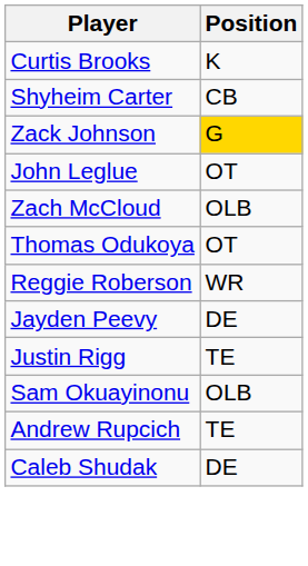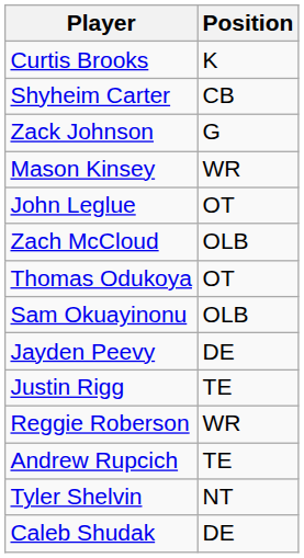 <table class="wikitable sortable">
 <tr>
 <th>Player</th>
 <th>Position</th>
 </tr>
 <tr>
 <td><a href='#'>Curtis Brooks</a></td>
 <td>K</td>
 </tr>
 <tr>
 <td><a href='#'>Shyheim Carter</a></td>
 <td>CB</td>
 </tr>
 <tr>
 <td><a href='#'>Zack Johnson</a></td>
-<td style="background: gold;">G</td>
+<td>G</td>
+</tr>
+<tr>
+<td><a href='#'>Mason Kinsey</a></td>
+<td>WR</td>
 </tr>
 <tr>
 <td><a href='#'>John Leglue</a></td>
 <td>OT</td>
 </tr>
 <tr>
 <td><a href='#'>Zach McCloud</a></td>
 <td>OLB</td>
 </tr>
 <tr>
 <td><a href='#'>Thomas Odukoya</a></td>
 <td>OT</td>
 </tr>
 <tr>
-<td><a href='#'>Reggie Roberson</a></td>
-<td>WR</td>
+<td><a href='#'>Sam Okuayinonu</a></td>
+<td>OLB</td>
 </tr>
 <tr>
 <td><a href='#'>Jayden Peevy</a></td>
 <td>DE</td>
 </tr>
 <tr>
 <td><a href='#'>Justin Rigg</a></td>
 <td>TE</td>
 </tr>
 <tr>
-<td><a href='#'>Sam Okuayinonu</a></td>
-<td>OLB</td>
+<td><a href='#'>Reggie Roberson</a></td>
+<td>WR</td>
 </tr>
 <tr>
 <td><a href='#'>Andrew Rupcich</a></td>
 <td>TE</td>
 </tr>
 <tr>
+<td><a href='#'>Tyler Shelvin</a></td>
+<td>NT</td>
+</tr>
+<tr>
 <td><a href='#'>Caleb Shudak</a></td>
 <td>DE</td>
 </tr>
 </table>
